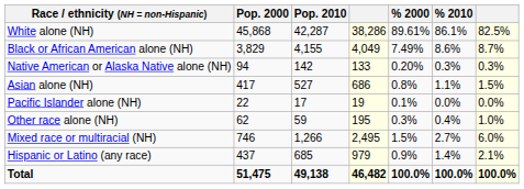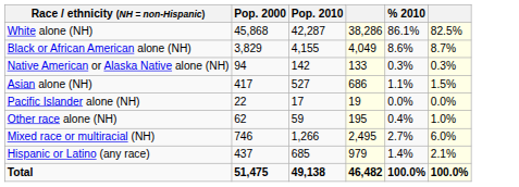 <table class="wikitable">
 <tr>
 <th>Race / ethnicity <small>(<em>NH = non-Hispanic</em>)</small></th>
 <th>Pop. 2000</th>
 <th>Pop. 2010</th>
 <th></th>
-<th>% 2000</th>
 <th>% 2010</th>
 <th></th>
 </tr>
 <tr>
 <td><a href='#'>White</a> alone (NH)</td>
 <td>45,868</td>
 <td>42,287</td>
 <td style='background: #ffffe6;'>38,286</td>
-<td>89.61%</td>
 <td>86.1%</td>
 <td style='background: #ffffe6;'>82.5%</td>
 </tr>
 <tr>
 <td><a href='#'>Black or African American</a> alone (NH)</td>
 <td>3,829</td>
 <td>4,155</td>
 <td style='background: #ffffe6;'>4,049</td>
-<td>7.49%</td>
 <td>8.6%</td>
 <td style='background: #ffffe6;'>8.7%</td>
 </tr>
 <tr>
 <td><a href='#'>Native American</a> or <a href='#'>Alaska Native</a> alone (NH)</td>
 <td>94</td>
 <td>142</td>
 <td style='background: #ffffe6;'>133</td>
-<td>0.20%</td>
 <td>0.3%</td>
 <td style='background: #ffffe6;'>0.3%</td>
 </tr>
 <tr>
 <td><a href='#'>Asian</a> alone (NH)</td>
 <td>417</td>
 <td>527</td>
 <td style='background: #ffffe6;'>686</td>
-<td>0.8%</td>
 <td>1.1%</td>
 <td style='background: #ffffe6;'>1.5%</td>
 </tr>
 <tr>
 <td><a href='#'>Pacific Islander</a> alone (NH)</td>
 <td>22</td>
 <td>17</td>
 <td style='background: #ffffe6;'>19</td>
-<td>0.1%</td>
 <td>0.0%</td>
 <td style='background: #ffffe6;'>0.0%</td>
 </tr>
 <tr>
 <td><a href='#'>Other race</a> alone (NH)</td>
 <td>62</td>
 <td>59</td>
 <td style='background: #ffffe6;'>195</td>
-<td>0.3%</td>
 <td>0.4%</td>
 <td style='background: #ffffe6;'>1.0%</td>
 </tr>
 <tr>
 <td><a href='#'>Mixed race or multiracial</a> (NH)</td>
 <td>746</td>
 <td>1,266</td>
 <td style='background: #ffffe6;'>2,495</td>
-<td>1.5%</td>
 <td>2.7%</td>
 <td style='background: #ffffe6;'>6.0%</td>
 </tr>
 <tr>
 <td><a href='#'>Hispanic or Latino</a> (any race)</td>
 <td>437</td>
 <td>685</td>
 <td style='background: #ffffe6;'>979</td>
-<td>0.9%</td>
 <td>1.4%</td>
 <td style='background: #ffffe6;'>2.1%</td>
 </tr>
 <tr>
 <td><strong>Total</strong></td>
 <td><strong>51,475</strong></td>
 <td><strong>49,138</strong></td>
 <td style='background: #ffffe6;'><strong>46,482</strong></td>
 <td><strong>100.0%</strong></td>
-<td><strong>100.0%</strong></td>
 <td style='background: #ffffe6;'><strong>100.0%</strong></td>
 </tr>
 </table>
